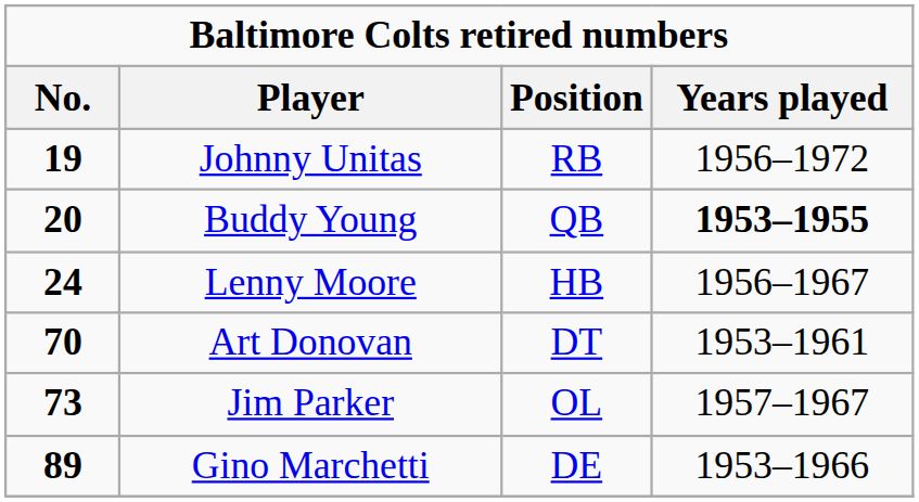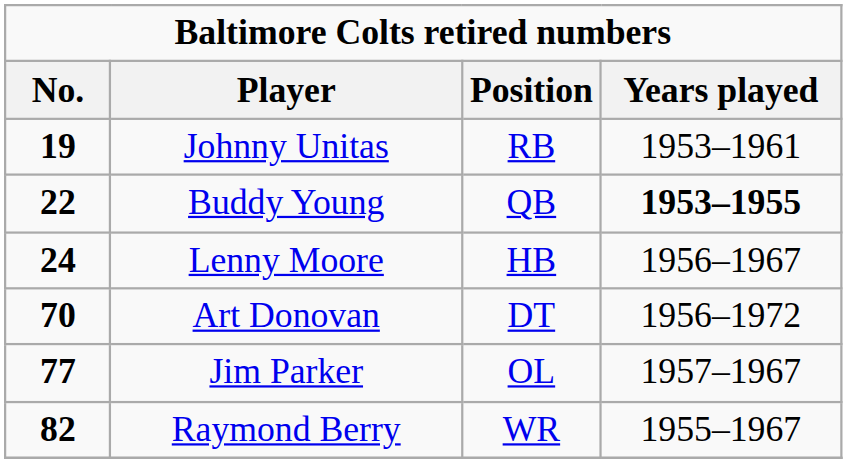 <table class="wikitable" style="text-align:center">
 <tr>
 <td colspan="4"><strong>Baltimore Colts retired numbers</strong></td>
 </tr>
 <tr>
 <th width=40px>No.</th>
 <th width=150px>Player</th>
 <th width=40px>Position</th>
 <th width=100px>Years played</th>
 </tr>
 <tr>
 <td><strong>19</strong></td>
 <td><a href='#'>Johnny Unitas</a></td>
 <td><a href='#'>RB</a></td>
-<td>1956–1972</td>
+<td>1953–1961</td>
 </tr>
 <tr>
-<td><strong>20</strong></td>
+<td><strong>22</strong></td>
 <td><a href='#'>Buddy Young</a></td>
 <td><a href='#'>QB</a></td>
 <td><strong>1953–1955</strong></td>
 </tr>
 <tr>
 <td><strong>24</strong></td>
 <td><a href='#'>Lenny Moore</a></td>
 <td><a href='#'>HB</a></td>
 <td>1956–1967</td>
 </tr>
 <tr>
 <td><strong>70</strong></td>
 <td><a href='#'>Art Donovan</a></td>
 <td><a href='#'>DT</a></td>
-<td>1953–1961</td>
+<td>1956–1972</td>
 </tr>
 <tr>
-<td><strong>73</strong></td>
+<td><strong>77</strong></td>
 <td><a href='#'>Jim Parker</a></td>
 <td><a href='#'>OL</a></td>
 <td>1957–1967</td>
 </tr>
 <tr>
-<td><strong>89</strong></td>
-<td><a href='#'>Gino Marchetti</a></td>
-<td><a href='#'>DE</a></td>
-<td>1953–1966</td>
+<td><strong>82</strong></td>
+<td><a href='#'>Raymond Berry</a></td>
+<td><a href='#'>WR</a></td>
+<td>1955–1967</td>
 </tr>
 <tr>
 </tr>
 </table>
